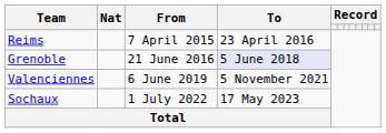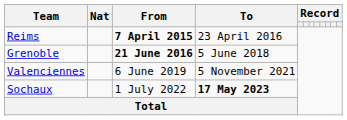 <table class=wikitable style="text-align: center">
 <tr>
 <th rowspan="2">Team</th>
 <th rowspan="2">Nat</th>
 <th rowspan="2">From</th>
 <th rowspan="2">To</th>
 <th colspan="8">Record</th>
 </tr>
 <tr>
 <th></th>
 <th></th>
 <th></th>
 <th></th>
 <th></th>
 <th></th>
 <th></th>
 <th></th>
 </tr>
 <tr>
 <td align=left><a href='#'>Reims</a></td>
 <td></td>
-<td align=left>7 April 2015</td>
+<td align=left><strong>7 April 2015</strong></td>
 <td align=left>23 April 2016<br></td>
 </tr>
 <tr>
 <td align=left><a href='#'>Grenoble</a></td>
 <td></td>
-<td align=left>21 June 2016</td>
-<td align=left style="background: lavender;">5 June 2018<br></td>
+<td align=left><strong>21 June 2016</strong></td>
+<td align=left>5 June 2018<br></td>
 </tr>
 <tr>
 <td align=left><a href='#'>Valenciennes</a></td>
 <td></td>
 <td align=left>6 June 2019</td>
 <td align=left>5 November 2021<br></td>
 </tr>
 <tr>
 <td align=left><a href='#'>Sochaux</a></td>
 <td></td>
 <td align=left>1 July 2022</td>
-<td align=left>17 May 2023<br></td>
+<td align=left><strong>17 May 2023<br></strong></td>
 </tr>
 <tr>
 <th colspan=4>Total<br></th>
 </tr>
 </table>
